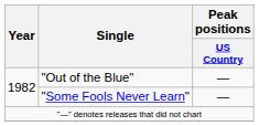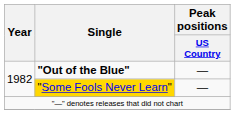 <table class="wikitable" style="text-align:center;">
 <tr>
 <th rowspan="2">Year</th>
 <th rowspan="2">Single</th>
 <th colspan="1">Peak positions</th>
 </tr>
 <tr style="font-size:smaller;">
 <th width="65"><a href='#'>US Country</a></th>
 </tr>
 <tr>
 <td rowspan="2">1982</td>
-<td align="left">"Out of the Blue"</td>
+<td align="left"><strong>"Out of the Blue"</strong></td>
 <td>—</td>
 </tr>
 <tr>
-<td align="left">"<a href='#'>Some Fools Never Learn</a>"</td>
+<td align="left" style="background: gold;">"<a href='#'>Some Fools Never Learn</a>"</td>
 <td>—</td>
 </tr>
 <tr>
 <td colspan="3" style="font-size:8pt">"—" denotes releases that did not chart</td>
 </tr>
 <tr>
 </tr>
 </table>
